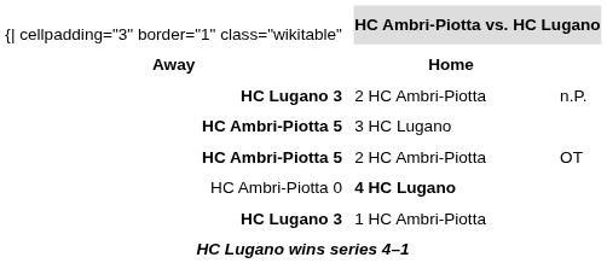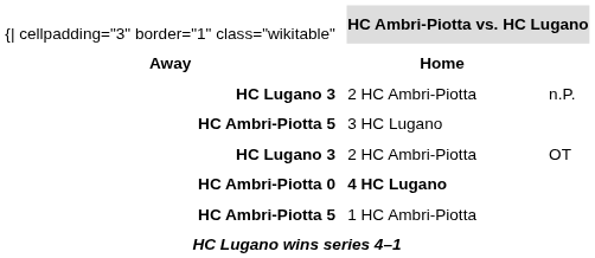 <table cellspacing="10">
 <tr>
 <td valign="top"><br>	{| cellpadding="3" border="1"  class="wikitable"</td>
 <th bgcolor="#DDDDDD" colspan="4">HC Ambri-Piotta vs. HC Lugano</th>
 </tr>
 <tr>
 <th>Away</th>
 <th>Home</th>
 </tr>
 <tr>
 <td align = "right"><strong>HC Lugano 3</strong></td>
 <td>2 HC Ambri-Piotta</td>
 <td>n.P.</td>
 </tr>
 <tr>
 <td align = "right"><strong>HC Ambri-Piotta 5</strong></td>
 <td>3 HC Lugano</td>
 <td> </td>
 </tr>
 <tr>
-<td align = "right"><strong>HC Ambri-Piotta 5</strong></td>
+<td align = "right"><strong>HC Lugano 3</strong></td>
 <td>2 HC Ambri-Piotta</td>
 <td>OT</td>
 </tr>
 <tr>
-<td align = "right">HC Ambri-Piotta 0</td>
+<td align = "right"><strong>HC Ambri-Piotta 0</strong></td>
 <td><strong>4 HC Lugano</strong></td>
 <td> </td>
 </tr>
 <tr>
-<td align = "right"><strong>HC Lugano 3</strong></td>
+<td align = "right"><strong>HC Ambri-Piotta 5</strong></td>
 <td>1 HC Ambri-Piotta</td>
 <td> </td>
 </tr>
 <tr align="center">
 <td colspan="4"><strong><em>HC Lugano wins series 4–1</em></strong></td>
 </tr>
 </table>
